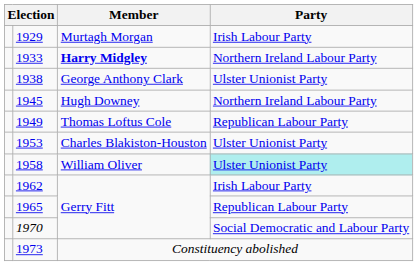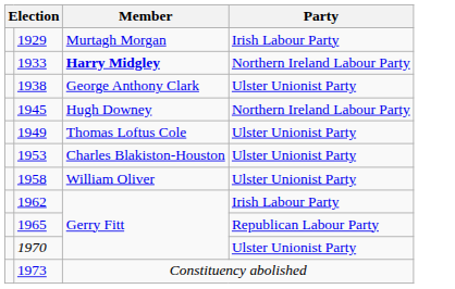 <table class="wikitable">
 <tr>
 <th colspan="2">Election</th>
 <th>Member</th>
 <th>Party</th>
 </tr>
 <tr>
 <td rowspan="1" style="background-color: "></td>
 <td><a href='#'>1929</a></td>
 <td rowspan="1"><a href='#'>Murtagh Morgan</a></td>
 <td rowspan="1"><a href='#'>Irish Labour Party</a></td>
 </tr>
 <tr>
 <td rowspan="1" style="background-color: "></td>
 <td><a href='#'>1933</a></td>
 <td rowspan="1"><strong><a href='#'>Harry Midgley</a></strong></td>
 <td rowspan="1"><a href='#'>Northern Ireland Labour Party</a></td>
 </tr>
 <tr>
 <td rowspan="1" style="background-color: "></td>
 <td><a href='#'>1938</a></td>
 <td rowspan="1"><a href='#'>George Anthony Clark</a></td>
 <td rowspan="1"><a href='#'>Ulster Unionist Party</a></td>
 </tr>
 <tr>
 <td rowspan="1" style="background-color: "></td>
 <td><a href='#'>1945</a></td>
 <td rowspan="1"><a href='#'>Hugh Downey</a></td>
 <td rowspan="1"><a href='#'>Northern Ireland Labour Party</a></td>
 </tr>
 <tr>
 <td rowspan="1" style="background-color: "></td>
 <td><a href='#'>1949</a></td>
 <td rowspan="1"><a href='#'>Thomas Loftus Cole</a></td>
-<td rowspan="1"><a href='#'>Republican Labour Party</a></td>
+<td rowspan="1"><a href='#'>Ulster Unionist Party</a></td>
 </tr>
 <tr>
 <td rowspan="1" style="background-color: "></td>
 <td><a href='#'>1953</a></td>
 <td rowspan="1"><a href='#'>Charles Blakiston-Houston</a></td>
 <td rowspan="1"><a href='#'>Ulster Unionist Party</a></td>
 </tr>
 <tr>
 <td rowspan="1" style="background-color: "></td>
 <td><a href='#'>1958</a></td>
 <td rowspan="1"><a href='#'>William Oliver</a></td>
-<td rowspan="1" style="background: paleturquoise;"><a href='#'>Ulster Unionist Party</a></td>
+<td rowspan="1"><a href='#'>Ulster Unionist Party</a></td>
 </tr>
 <tr>
 <td rowspan="1" style="background-color: "></td>
 <td><a href='#'>1962</a></td>
 <td rowspan="3"><a href='#'>Gerry Fitt</a></td>
 <td rowspan="1"><a href='#'>Irish Labour Party</a></td>
 </tr>
 <tr>
 <td rowspan="1" style="background-color: "></td>
 <td><a href='#'>1965</a></td>
 <td rowspan="1"><a href='#'>Republican Labour Party</a></td>
 </tr>
 <tr>
 <td rowspan="1" style="background-color: "></td>
 <td><em>1970</em></td>
-<td rowspan="1"><a href='#'>Social Democratic and Labour Party</a></td>
+<td rowspan="1"><a href='#'>Ulster Unionist Party</a></td>
 </tr>
 <tr>
 <td></td>
 <td><a href='#'>1973</a></td>
 <td colspan="3" align=center><em>Constituency abolished</em></td>
 </tr>
 </table>
